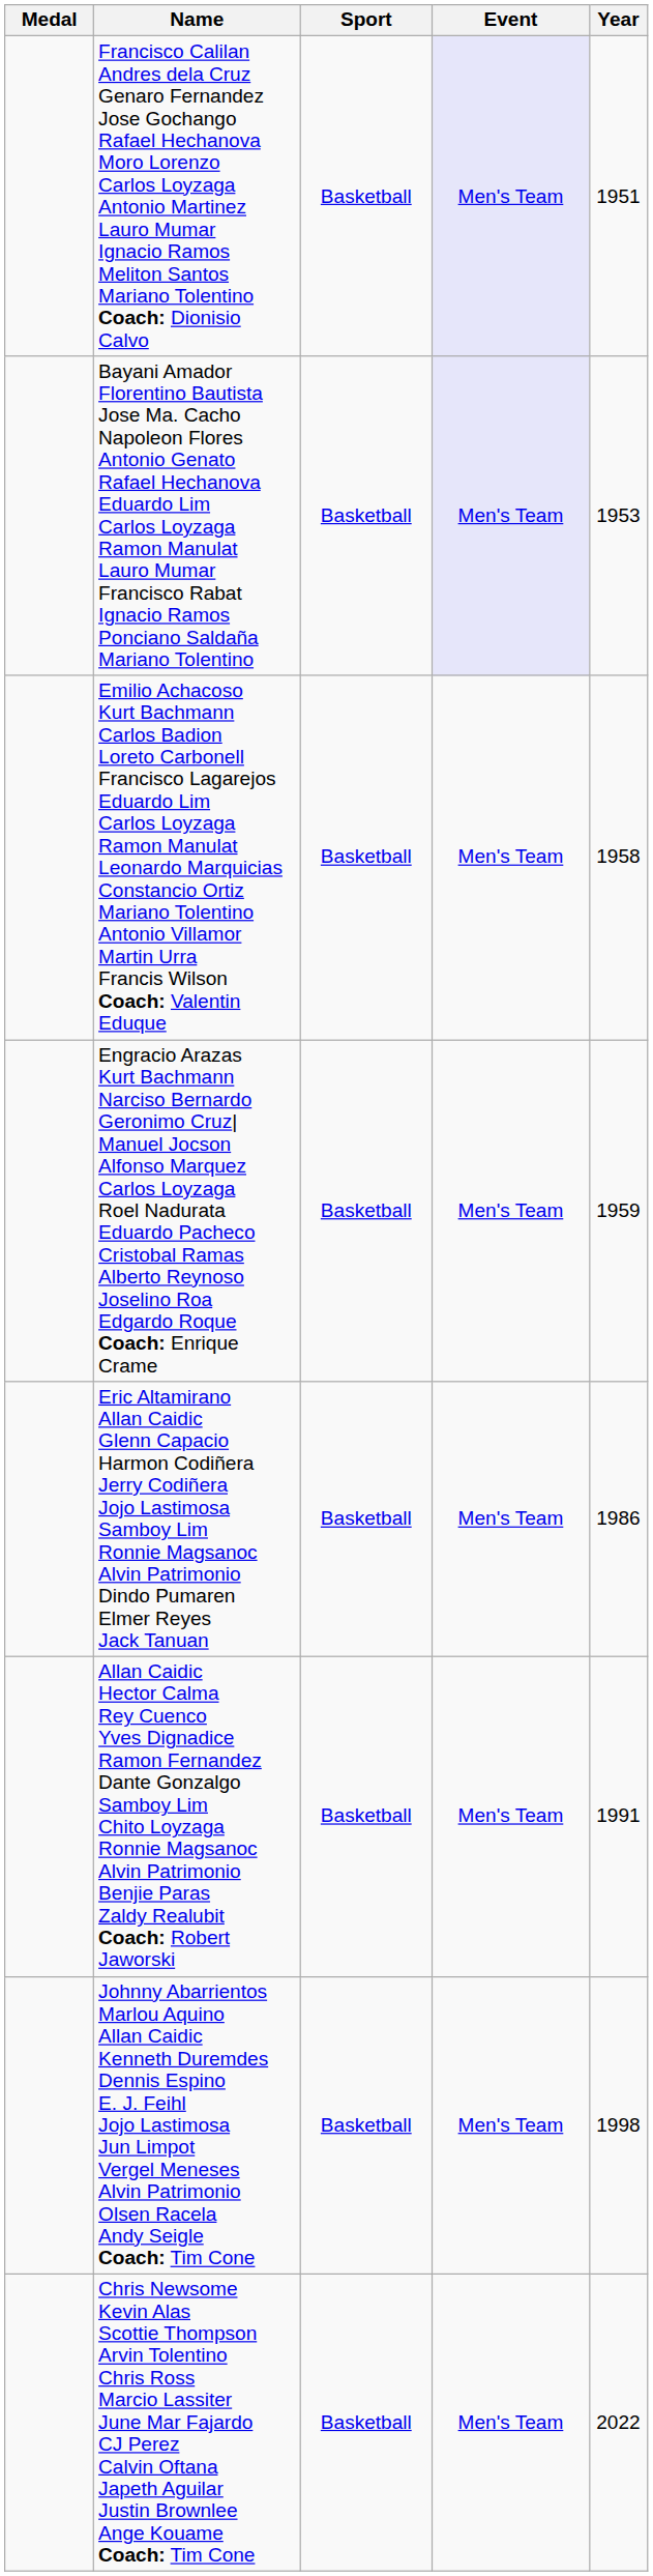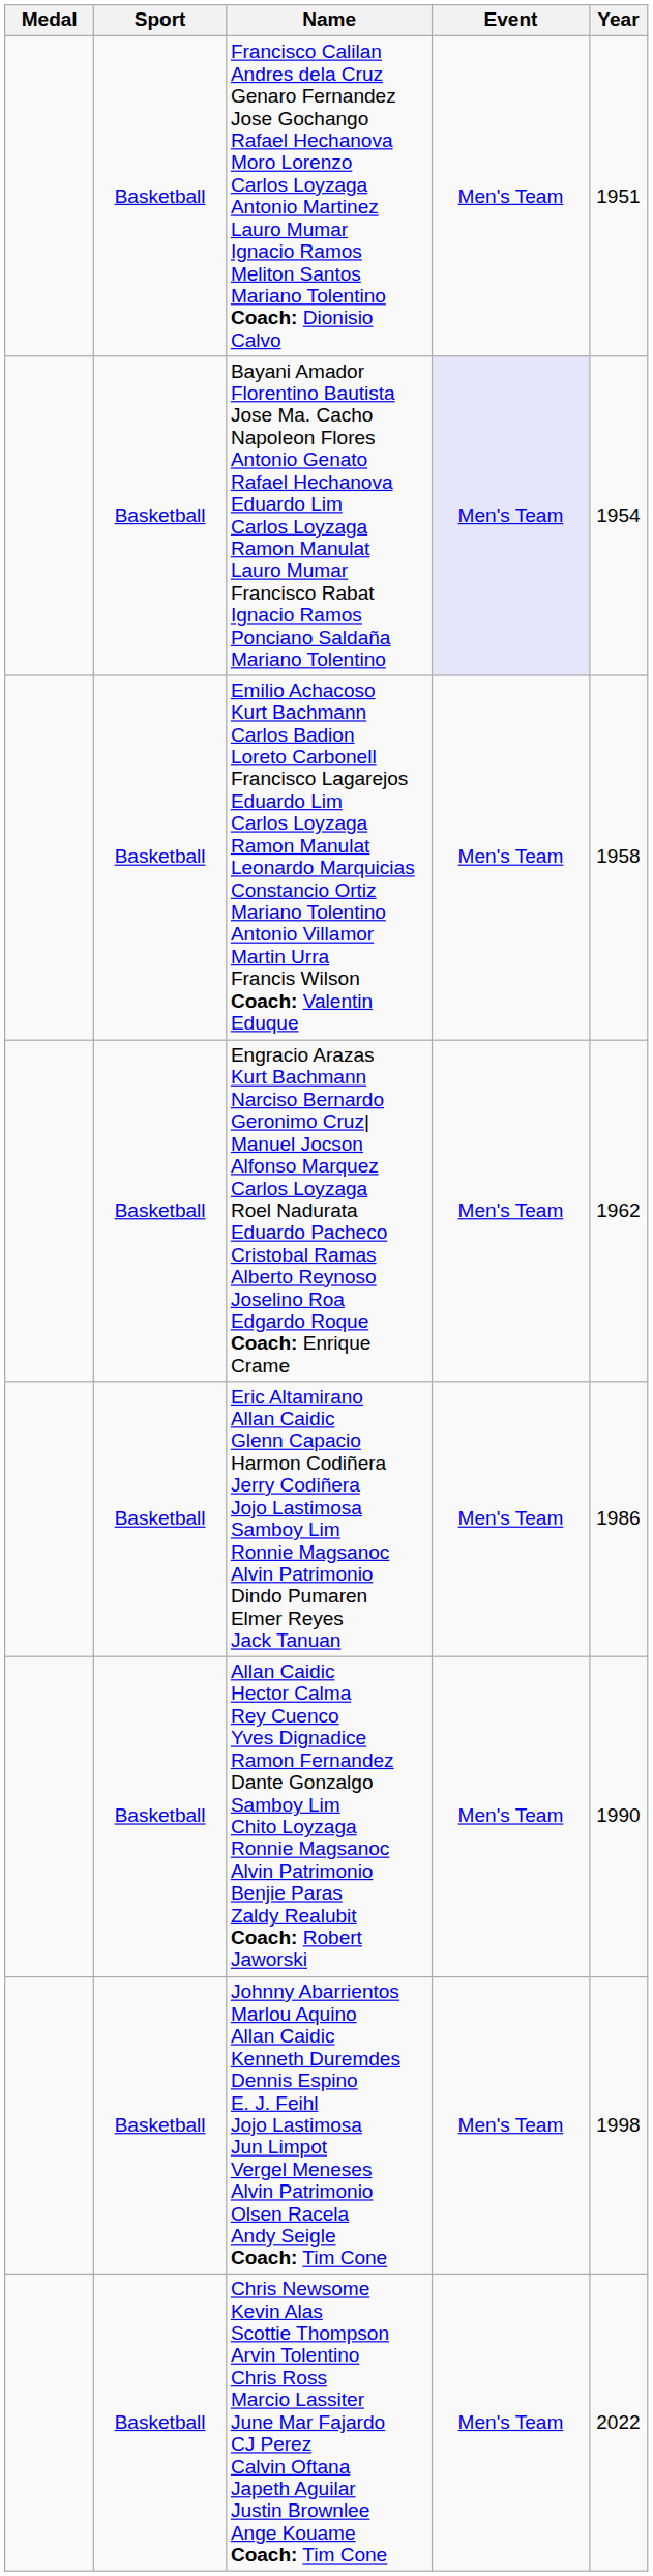 <table class="wikitable"  style="font-size:100%;  text-align:center;">
 <tr>
 <th width="65">Medal</th>
+<th width="100">Sport</th>
 <th width="160">Name</th>
-<th width="100">Sport</th>
 <th width="120">Event</th>
 <th width="40">Year</th>
 </tr>
 <tr>
 <td></td>
+<td><a href='#'>Basketball</a></td>
 <td align=left><a href='#'>Francisco Calilan</a><br><a href='#'>Andres dela Cruz</a><br>Genaro Fernandez<br>Jose Gochango<br><a href='#'>Rafael Hechanova</a><br><a href='#'>Moro Lorenzo</a><br><a href='#'>Carlos Loyzaga</a><br><a href='#'>Antonio Martinez</a> <br><a href='#'>Lauro Mumar</a><br><a href='#'>Ignacio Ramos</a><br><a href='#'>Meliton Santos</a><br><a href='#'>Mariano Tolentino</a><br><strong>Coach:</strong> <a href='#'>Dionisio Calvo</a></td>
-<td><a href='#'>Basketball</a></td>
-<td style="background: lavender;"><a href='#'>Men's Team</a></td>
+<td><a href='#'>Men's Team</a></td>
 <td>1951</td>
 </tr>
 <tr>
 <td></td>
+<td><a href='#'>Basketball</a></td>
 <td align=left>Bayani Amador<br><a href='#'>Florentino Bautista</a><br>Jose Ma. Cacho<br>Napoleon Flores<br><a href='#'>Antonio Genato</a><br><a href='#'>Rafael Hechanova</a><br><a href='#'>Eduardo Lim</a><br><a href='#'>Carlos Loyzaga</a><br><a href='#'>Ramon Manulat</a><br><a href='#'>Lauro Mumar</a><br>Francisco Rabat<br><a href='#'>Ignacio Ramos</a><br><a href='#'>Ponciano Saldaña</a><br><a href='#'>Mariano Tolentino</a></td>
-<td><a href='#'>Basketball</a></td>
 <td style="background: lavender;"><a href='#'>Men's Team</a></td>
-<td>1953</td>
+<td>1954</td>
 </tr>
 <tr>
 <td></td>
+<td><a href='#'>Basketball</a></td>
 <td align=left><a href='#'>Emilio Achacoso</a><br><a href='#'>Kurt Bachmann</a><br><a href='#'>Carlos Badion</a><br><a href='#'>Loreto Carbonell</a><br>Francisco Lagarejos<br><a href='#'>Eduardo Lim</a><br><a href='#'>Carlos Loyzaga</a><br><a href='#'>Ramon Manulat</a><br><a href='#'>Leonardo Marquicias</a><br><a href='#'>Constancio Ortiz</a><br><a href='#'>Mariano Tolentino</a><br><a href='#'>Antonio Villamor</a><br><a href='#'>Martin Urra</a><br>Francis Wilson<br><strong>Coach:</strong> <a href='#'>Valentin Eduque</a></td>
-<td><a href='#'>Basketball</a></td>
 <td><a href='#'>Men's Team</a></td>
 <td>1958</td>
 </tr>
 <tr>
 <td></td>
+<td><a href='#'>Basketball</a></td>
 <td align=left>Engracio Arazas<br><a href='#'>Kurt Bachmann</a><br><a href='#'>Narciso Bernardo</a><br><a href='#'>Geronimo Cruz</a>|<br><a href='#'>Manuel Jocson</a><br><a href='#'>Alfonso Marquez</a><br><a href='#'>Carlos Loyzaga</a><br>Roel Nadurata<br><a href='#'>Eduardo Pacheco</a><br><a href='#'>Cristobal Ramas</a><br><a href='#'>Alberto Reynoso</a><br><a href='#'>Joselino Roa</a> <br><a href='#'>Edgardo Roque</a><br><strong>Coach:</strong> Enrique Crame</td>
-<td><a href='#'>Basketball</a></td>
 <td><a href='#'>Men's Team</a></td>
-<td>1959</td>
+<td>1962</td>
 </tr>
 <tr>
 <td></td>
+<td><a href='#'>Basketball</a></td>
 <td align=left><a href='#'>Eric Altamirano</a><br><a href='#'>Allan Caidic</a><br><a href='#'>Glenn Capacio</a><br>Harmon Codiñera<br><a href='#'>Jerry Codiñera</a><br><a href='#'>Jojo Lastimosa</a><br><a href='#'>Samboy Lim</a><br><a href='#'>Ronnie Magsanoc</a><br><a href='#'>Alvin Patrimonio</a><br>Dindo Pumaren<br>Elmer Reyes<br><a href='#'>Jack Tanuan</a></td>
-<td><a href='#'>Basketball</a></td>
 <td><a href='#'>Men's Team</a></td>
 <td>1986</td>
 </tr>
 <tr>
 <td></td>
+<td><a href='#'>Basketball</a></td>
 <td align=left><a href='#'>Allan Caidic</a><br><a href='#'>Hector Calma</a><br><a href='#'>Rey Cuenco</a><br><a href='#'>Yves Dignadice</a><br><a href='#'>Ramon Fernandez</a><br>Dante Gonzalgo<br><a href='#'>Samboy Lim</a><br><a href='#'>Chito Loyzaga</a><br><a href='#'>Ronnie Magsanoc</a><br><a href='#'>Alvin Patrimonio</a><br><a href='#'>Benjie Paras</a><br><a href='#'>Zaldy Realubit</a><br><strong>Coach:</strong> <a href='#'>Robert Jaworski</a></td>
-<td><a href='#'>Basketball</a></td>
 <td><a href='#'>Men's Team</a></td>
-<td>1991</td>
+<td>1990</td>
 </tr>
 <tr>
 <td></td>
+<td><a href='#'>Basketball</a></td>
 <td align=left><a href='#'>Johnny Abarrientos</a><br><a href='#'>Marlou Aquino</a><br><a href='#'>Allan Caidic</a><br><a href='#'>Kenneth Duremdes</a><br><a href='#'>Dennis Espino</a><br><a href='#'>E. J. Feihl</a><br><a href='#'>Jojo Lastimosa</a><br><a href='#'>Jun Limpot</a><br><a href='#'>Vergel Meneses</a><br><a href='#'>Alvin Patrimonio</a><br><a href='#'>Olsen Racela</a><br><a href='#'>Andy Seigle</a><br><strong>Coach:</strong> <a href='#'>Tim Cone</a></td>
-<td><a href='#'>Basketball</a></td>
 <td><a href='#'>Men's Team</a></td>
 <td>1998</td>
 </tr>
 <tr>
 <td></td>
+<td><a href='#'>Basketball</a></td>
 <td align=left><a href='#'>Chris Newsome</a><br><a href='#'>Kevin Alas</a><br><a href='#'>Scottie Thompson</a><br><a href='#'>Arvin Tolentino</a><br><a href='#'>Chris Ross</a><br><a href='#'>Marcio Lassiter</a><br><a href='#'>June Mar Fajardo</a><br><a href='#'>CJ Perez</a><br><a href='#'>Calvin Oftana</a><br><a href='#'>Japeth Aguilar</a><br><a href='#'>Justin Brownlee</a><br><a href='#'>Ange Kouame</a><br><strong>Coach:</strong> <a href='#'>Tim Cone</a></td>
-<td><a href='#'>Basketball</a></td>
 <td><a href='#'>Men's Team</a></td>
 <td>2022</td>
 </tr>
 </table>
